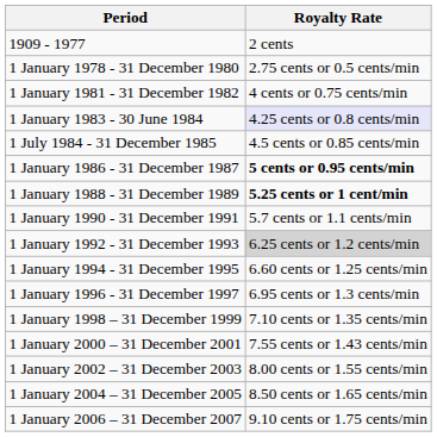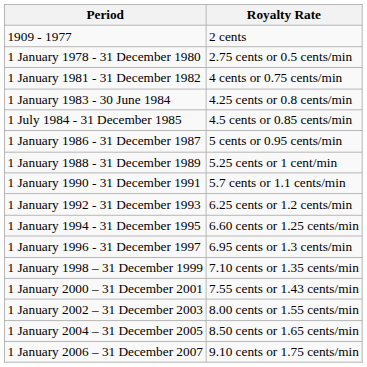 <table class="wikitable">
 <tr>
 <th>Period</th>
 <th>Royalty Rate</th>
 </tr>
 <tr>
 <td>1909 - 1977</td>
 <td>2 cents</td>
 </tr>
 <tr>
 <td>1 January 1978 - 31 December 1980</td>
 <td>2.75 cents or 0.5 cents/min</td>
 </tr>
 <tr>
 <td>1 January 1981 - 31 December 1982</td>
 <td>4 cents or 0.75 cents/min</td>
 </tr>
 <tr>
 <td>1 January 1983 - 30 June 1984</td>
-<td style="background: lavender;">4.25 cents or 0.8 cents/min</td>
+<td>4.25 cents or 0.8 cents/min</td>
 </tr>
 <tr>
 <td>1 July 1984 - 31 December 1985</td>
 <td>4.5 cents or 0.85 cents/min</td>
 </tr>
 <tr>
 <td>1 January 1986 - 31 December 1987</td>
-<td><strong>5 cents or 0.95 cents/min</strong></td>
+<td>5 cents or 0.95 cents/min</td>
 </tr>
 <tr>
 <td>1 January 1988 - 31 December 1989</td>
-<td><strong>5.25 cents or 1 cent/min</strong></td>
+<td>5.25 cents or 1 cent/min</td>
 </tr>
 <tr>
 <td>1 January 1990 - 31 December 1991</td>
 <td>5.7 cents or 1.1 cents/min</td>
 </tr>
 <tr>
 <td>1 January 1992 - 31 December 1993</td>
-<td style="background: lightgrey;">6.25 cents or 1.2 cents/min</td>
+<td>6.25 cents or 1.2 cents/min</td>
 </tr>
 <tr>
 <td>1 January 1994 - 31 December 1995</td>
 <td>6.60 cents or 1.25 cents/min</td>
 </tr>
 <tr>
 <td>1 January 1996 - 31 December 1997</td>
 <td>6.95 cents or 1.3 cents/min</td>
 </tr>
 <tr>
 <td>1 January 1998 – 31 December 1999</td>
 <td>7.10 cents or 1.35 cents/min</td>
 </tr>
 <tr>
 <td>1 January 2000 – 31 December 2001</td>
 <td>7.55 cents or 1.43 cents/min</td>
 </tr>
 <tr>
 <td>1 January 2002 – 31 December 2003</td>
 <td>8.00 cents or 1.55 cents/min</td>
 </tr>
 <tr>
 <td>1 January 2004 – 31 December 2005</td>
 <td>8.50 cents or 1.65 cents/min</td>
 </tr>
 <tr>
 <td>1 January 2006 – 31 December 2007</td>
 <td>9.10 cents or 1.75 cents/min</td>
 </tr>
 </table>
